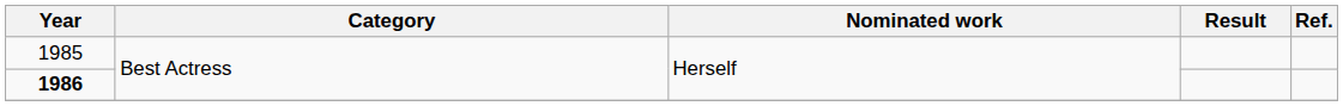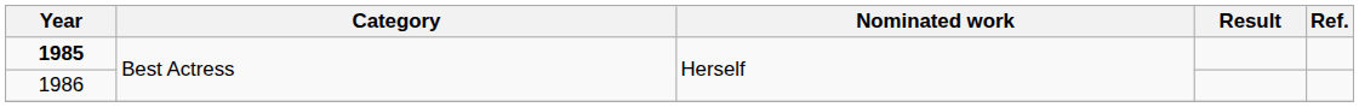 <table class=wikitable>
 <tr>
 <th scope="col" style="width:5em;">Year</th>
 <th scope="col" style="width:27em;">Category</th>
 <th scope="col" style="width:25em;">Nominated work</th>
 <th scope="col" style="width:5em;">Result</th>
 <th>Ref.</th>
 </tr>
 <tr>
-<td style="text-align:center;">1985</td>
+<td style="text-align:center;"><strong>1985</strong></td>
 <td rowspan=2>Best Actress</td>
 <td rowspan=2>Herself</td>
 <td></td>
 <td align=center></td>
 </tr>
 <tr>
-<td align=center><strong>1986</strong></td>
+<td align=center>1986</td>
 <td></td>
 <td align=center></td>
 </tr>
 <tr>
 </tr>
 </table>
